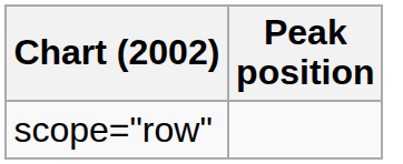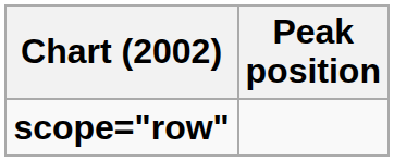 <table class="wikitable">
 <tr>
 <th>Chart (2002)</th>
 <th>Peak<br>position</th>
 </tr>
 <tr>
-<td>scope="row"</td>
+<td><strong>scope="row"</strong></td>
 </tr>
 <tr>
 </tr>
 </table>
